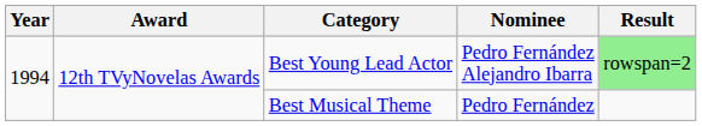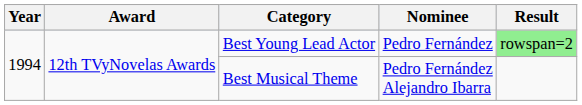 <table class="wikitable">
 <tr style="background:#b0c4de;">
 <th>Year</th>
 <th>Award</th>
 <th>Category</th>
 <th>Nominee</th>
 <th>Result</th>
 </tr>
 <tr>
 <td rowspan=2>1994</td>
 <td rowspan=2><a href='#'>12th TVyNovelas Awards</a></td>
 <td><a href='#'>Best Young Lead Actor</a></td>
-<td><a href='#'>Pedro Fernández</a><br><a href='#'>Alejandro Ibarra</a></td>
+<td><a href='#'>Pedro Fernández</a></td>
 <td style="background: lightgreen;">rowspan=2 </td>
 </tr>
 <tr>
 <td><a href='#'>Best Musical Theme</a></td>
-<td><a href='#'>Pedro Fernández</a></td>
+<td><a href='#'>Pedro Fernández</a><br><a href='#'>Alejandro Ibarra</a></td>
 </tr>
 </table>
